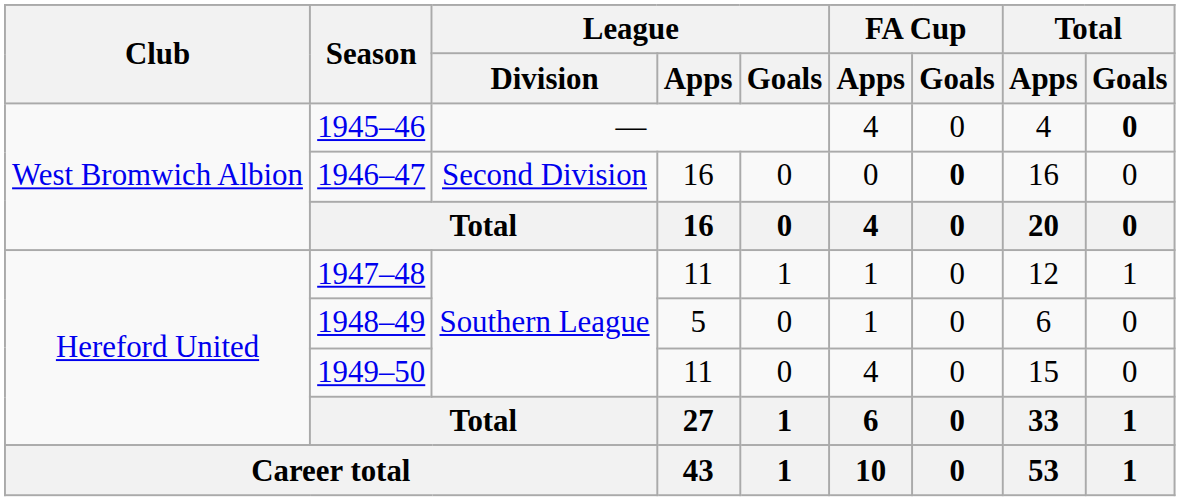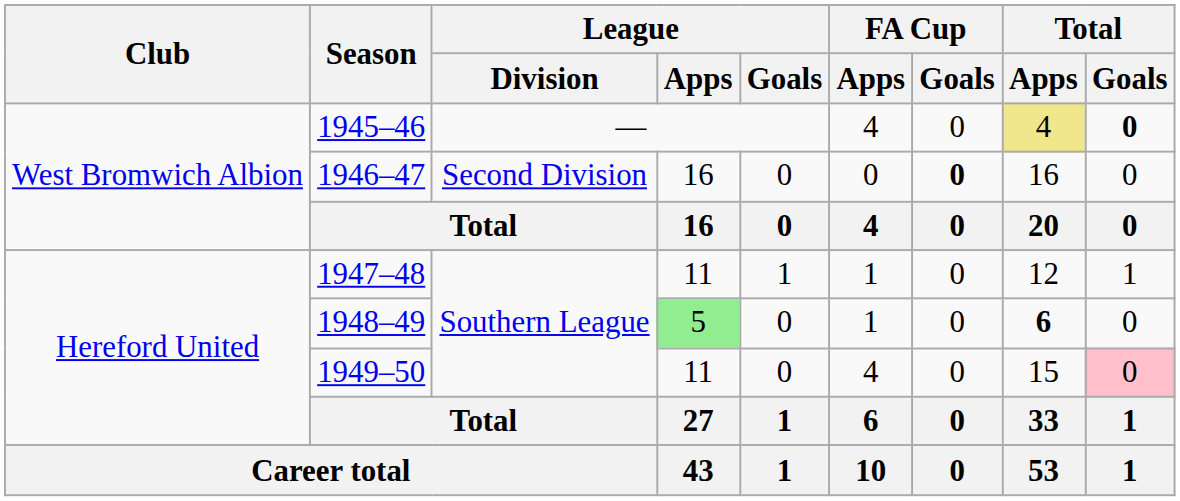 <table class="wikitable" style="text-align: center;">
 <tr>
 <th rowspan="2">Club</th>
 <th rowspan="2">Season</th>
 <th colspan="3">League</th>
 <th colspan="2">FA Cup</th>
 <th colspan="2">Total</th>
 </tr>
 <tr>
 <th>Division</th>
 <th>Apps</th>
 <th>Goals</th>
 <th>Apps</th>
 <th>Goals</th>
 <th>Apps</th>
 <th>Goals</th>
 </tr>
 <tr>
 <td rowspan="3"><a href='#'>West Bromwich Albion</a></td>
 <td><a href='#'>1945–46</a></td>
 <td colspan="3">—</td>
 <td>4</td>
 <td>0</td>
-<td>4</td>
+<td style="background: khaki;">4</td>
 <td><strong>0</strong></td>
 </tr>
 <tr>
 <td><a href='#'>1946–47</a></td>
 <td><a href='#'>Second Division</a></td>
 <td>16</td>
 <td>0</td>
 <td>0</td>
 <td><strong>0</strong></td>
 <td>16</td>
 <td>0</td>
 </tr>
 <tr>
 <th colspan="2">Total</th>
 <th>16</th>
 <th>0</th>
 <th>4</th>
 <th>0</th>
 <th>20</th>
 <th>0</th>
 </tr>
 <tr>
 <td rowspan="4"><a href='#'>Hereford United</a></td>
 <td><a href='#'>1947–48</a></td>
 <td rowspan="3"><a href='#'>Southern League</a></td>
 <td>11</td>
 <td>1</td>
 <td>1</td>
 <td>0</td>
 <td>12</td>
 <td>1</td>
 </tr>
 <tr>
 <td><a href='#'>1948–49</a></td>
-<td>5</td>
+<td style="background: lightgreen;">5</td>
 <td>0</td>
 <td>1</td>
 <td>0</td>
-<td>6</td>
+<td><strong>6</strong></td>
 <td>0</td>
 </tr>
 <tr>
 <td><a href='#'>1949–50</a></td>
 <td>11</td>
 <td>0</td>
 <td>4</td>
 <td>0</td>
 <td>15</td>
-<td>0</td>
+<td style="background: pink;">0</td>
 </tr>
 <tr>
 <th colspan="2">Total</th>
 <th>27</th>
 <th>1</th>
 <th>6</th>
 <th>0</th>
 <th>33</th>
 <th>1</th>
 </tr>
 <tr>
 <th colspan="3">Career total</th>
 <th>43</th>
 <th>1</th>
 <th>10</th>
 <th>0</th>
 <th>53</th>
 <th>1</th>
 </tr>
 </table>
